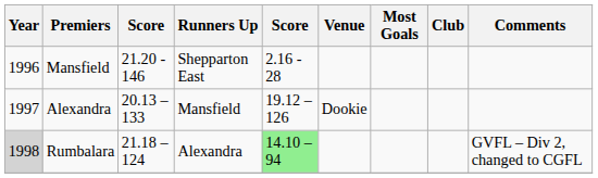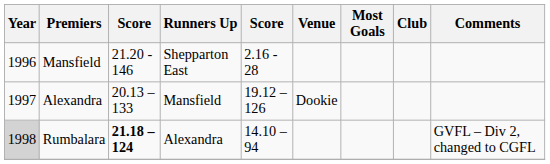 <table class="wikitable sortable">
 <tr>
 <th>Year</th>
 <th><span><strong>Premiers</strong></span></th>
 <th>Score</th>
 <th>Runners Up</th>
 <th>Score</th>
 <th>Venue</th>
 <th>Most Goals</th>
 <th>Club</th>
 <th>Comments</th>
 </tr>
 <tr>
 <td>1996</td>
 <td>Mansfield</td>
 <td>21.20 - 146</td>
 <td>Shepparton East</td>
 <td>2.16 - 28</td>
 <td></td>
 <td></td>
 <td></td>
 <td></td>
 </tr>
 <tr>
 <td>1997</td>
 <td>Alexandra</td>
 <td>20.13 – 133</td>
 <td>Mansfield</td>
 <td>19.12 – 126</td>
 <td>Dookie</td>
 <td></td>
 <td></td>
 <td></td>
 </tr>
 <tr>
 <td style="background: lightgrey;">1998</td>
 <td>Rumbalara</td>
-<td>21.18 – 124</td>
+<td><strong>21.18 – 124</strong></td>
 <td>Alexandra</td>
-<td style="background: lightgreen;">14.10 – 94</td>
+<td>14.10 – 94</td>
 <td></td>
 <td></td>
 <td></td>
 <td>GVFL – Div 2, changed to CGFL</td>
 </tr>
 <tr>
 </tr>
 </table>
